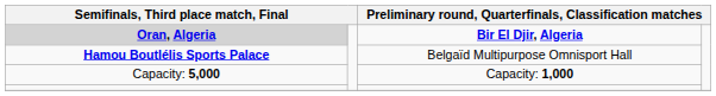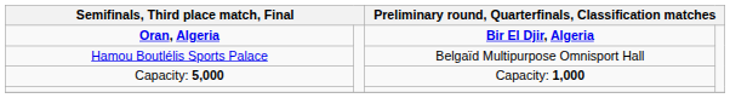 <table class="wikitable" style="text-align: center; width: 900px;">
 <tr>
 <th colspan="2" style="width: 50%;">Semifinals, Third place match, Final</th>
 <th colspan="2" style="width: 50%;">Preliminary round, Quarterfinals, Classification matches</th>
 </tr>
 <tr>
-<td style="background: lightgrey;"><strong> <a href='#'>Oran</a>, <a href='#'>Algeria</a></strong></td>
+<td><strong> <a href='#'>Oran</a>, <a href='#'>Algeria</a></strong></td>
 <td rowspan="4"></td>
 <td><strong> <a href='#'>Bir El Djir</a>, <a href='#'>Algeria</a></strong></td>
 <td rowspan="4"></td>
 </tr>
 <tr>
-<td><strong><a href='#'>Hamou Boutlélis Sports Palace</a></strong></td>
+<td><a href='#'>Hamou Boutlélis Sports Palace</a></td>
 <td>Belgaïd Multipurpose Omnisport Hall</td>
 </tr>
 <tr>
 <td>Capacity: <strong>5,000</strong></td>
 <td>Capacity: <strong>1,000</strong></td>
 </tr>
 <tr>
 <td></td>
 <td></td>
 </tr>
 <tr>
 </tr>
 </table>
